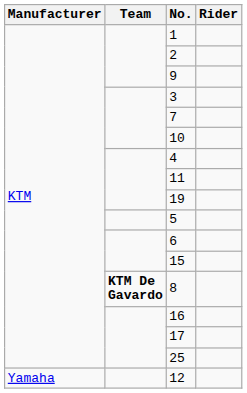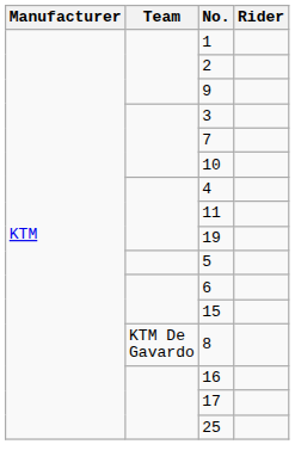 <table class="wikitable" style="font-size:85%; ; width:15%">
 <tr>
 <th>Manufacturer</th>
 <th>Team</th>
 <th>No.</th>
 <th>Rider</th>
 </tr>
 <tr>
 <td rowspan=16> <a href='#'>KTM</a></td>
 <td rowspan=3></td>
 <td>1</td>
 <td></td>
 </tr>
 <tr>
 <td>2</td>
 <td></td>
 </tr>
 <tr>
 <td>9</td>
 <td></td>
 </tr>
 <tr>
 <td rowspan=3></td>
 <td>3</td>
 <td></td>
 </tr>
 <tr>
 <td>7</td>
 <td></td>
 </tr>
 <tr>
 <td>10</td>
 <td></td>
 </tr>
 <tr>
 <td rowspan=3></td>
 <td>4</td>
 <td></td>
 </tr>
 <tr>
 <td>11</td>
 <td></td>
 </tr>
 <tr>
 <td>19</td>
 <td></td>
 </tr>
 <tr>
 <td></td>
 <td>5</td>
 <td></td>
 </tr>
 <tr>
 <td rowspan=2></td>
 <td>6</td>
 <td></td>
 </tr>
 <tr>
 <td>15</td>
 <td></td>
 </tr>
 <tr>
-<td><strong>KTM De Gavardo</strong></td>
+<td>KTM De Gavardo</td>
 <td>8</td>
 <td></td>
 </tr>
 <tr>
 <td rowspan=3></td>
 <td>16</td>
 <td></td>
 </tr>
 <tr>
 <td>17</td>
 <td></td>
 </tr>
 <tr>
 <td>25</td>
 <td></td>
 </tr>
-<tr>
-<td> <a href='#'>Yamaha</a></td>
-<td></td>
-<td>12</td>
-<td></td>
-</tr>
 </table>
